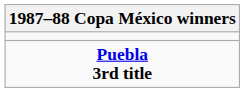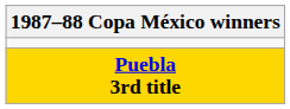 <table class="wikitable" style="text-align: center; margin: 0 auto;">
 <tr>
 <th>1987–88 Copa México winners</th>
 </tr>
 <tr>
 <td></td>
 </tr>
 <tr>
-<td><strong><a href='#'>Puebla</a></strong><br><strong>3rd title</strong></td>
+<td style="background: gold;"><strong><a href='#'>Puebla</a></strong><br><strong>3rd title</strong></td>
 </tr>
 </table>
